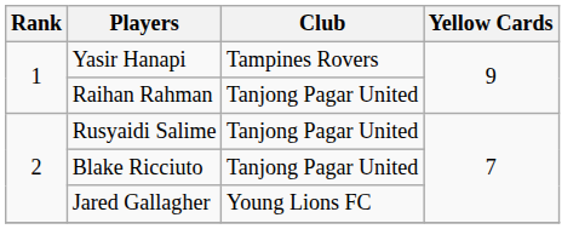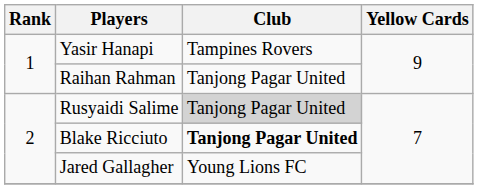 <table class="wikitable plainrowheaders sortable" style="font-size:80%">
 <tr>
 <th>Rank</th>
 <th>Players</th>
 <th>Club</th>
 <th>Yellow Cards</th>
 </tr>
 <tr>
 <td align="center" rowspan="2">1</td>
 <td>Yasir Hanapi</td>
 <td>Tampines Rovers</td>
 <td align="center" rowspan="2">9</td>
 </tr>
 <tr>
 <td>Raihan Rahman</td>
 <td>Tanjong Pagar United</td>
 </tr>
 <tr>
 <td align="center" rowspan="3">2</td>
 <td>Rusyaidi Salime</td>
-<td>Tanjong Pagar United</td>
+<td style="background: lightgrey;">Tanjong Pagar United</td>
 <td align="center" rowspan="3">7</td>
 </tr>
 <tr>
 <td>Blake Ricciuto</td>
-<td>Tanjong Pagar United</td>
+<td><strong>Tanjong Pagar United</strong></td>
 </tr>
 <tr>
 <td>Jared Gallagher</td>
 <td>Young Lions FC</td>
 </tr>
 <tr>
 </tr>
 </table>
